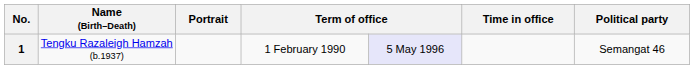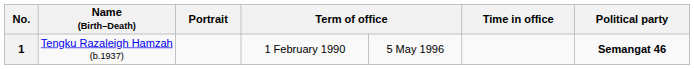 <table class="wikitable" style="text-align:center">
 <tr>
 <th>No.</th>
 <th width=20%>Name<br><small>(Birth–Death)</small></th>
 <th>Portrait</th>
 <th colspan="2">Term of office</th>
 <th>Time in office</th>
 <th colspan="2">Political party</th>
 </tr>
 <tr>
 <th>1</th>
 <td><a href='#'>Tengku Razaleigh Hamzah</a><br><small>(b.1937)</small></td>
 <td></td>
 <td>1 February 1990</td>
-<td style="background: lavender;">5 May 1996</td>
+<td>5 May 1996</td>
 <td></td>
-<td style="background: ">Semangat 46</td>
+<td style="background: "><strong>Semangat 46</strong></td>
 </tr>
 </table>
